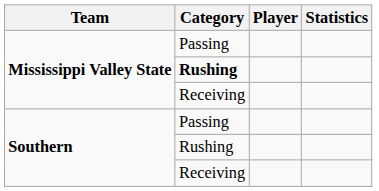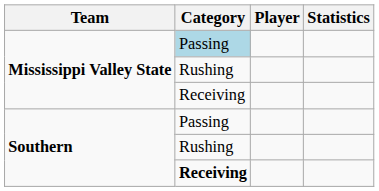 <table class="wikitable" style="float: left;">
 <tr>
 <th>Team</th>
 <th>Category</th>
 <th>Player</th>
 <th>Statistics</th>
 </tr>
 <tr>
 <td rowspan=3><strong>Mississippi Valley State</strong></td>
-<td>Passing</td>
+<td style="background: lightblue;">Passing</td>
 <td> </td>
 <td> </td>
 </tr>
 <tr>
-<td><strong>Rushing</strong></td>
+<td>Rushing</td>
 <td> </td>
 <td> </td>
 </tr>
 <tr>
 <td>Receiving</td>
 <td> </td>
 <td> </td>
 </tr>
 <tr>
 <td rowspan=3><strong>Southern</strong></td>
 <td>Passing</td>
 <td> </td>
 <td> </td>
 </tr>
 <tr>
 <td>Rushing</td>
 <td> </td>
 <td> </td>
 </tr>
 <tr>
-<td>Receiving</td>
+<td><strong>Receiving</strong></td>
 <td> </td>
 <td> </td>
 </tr>
 </table>
